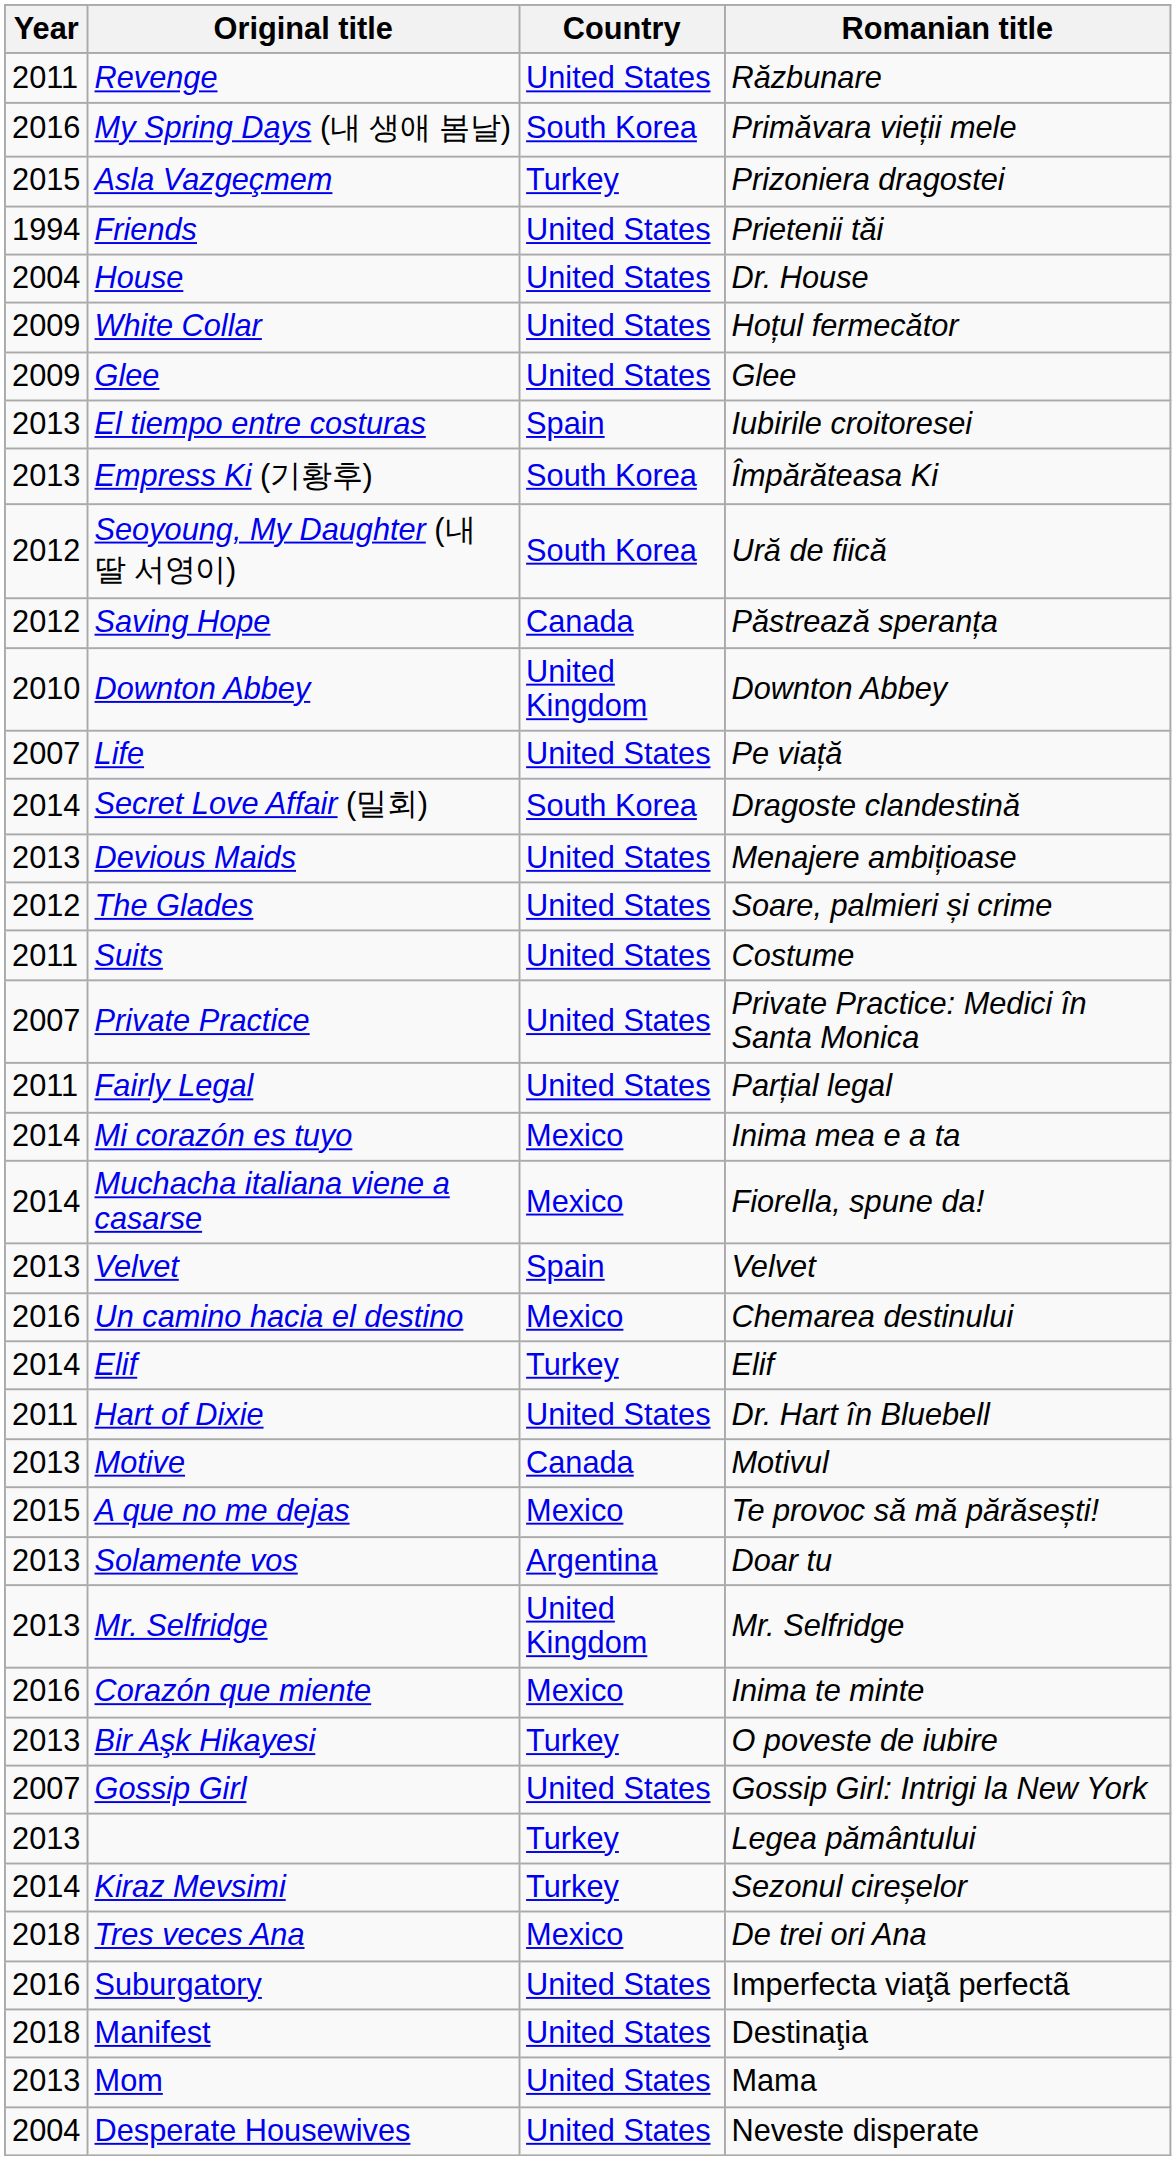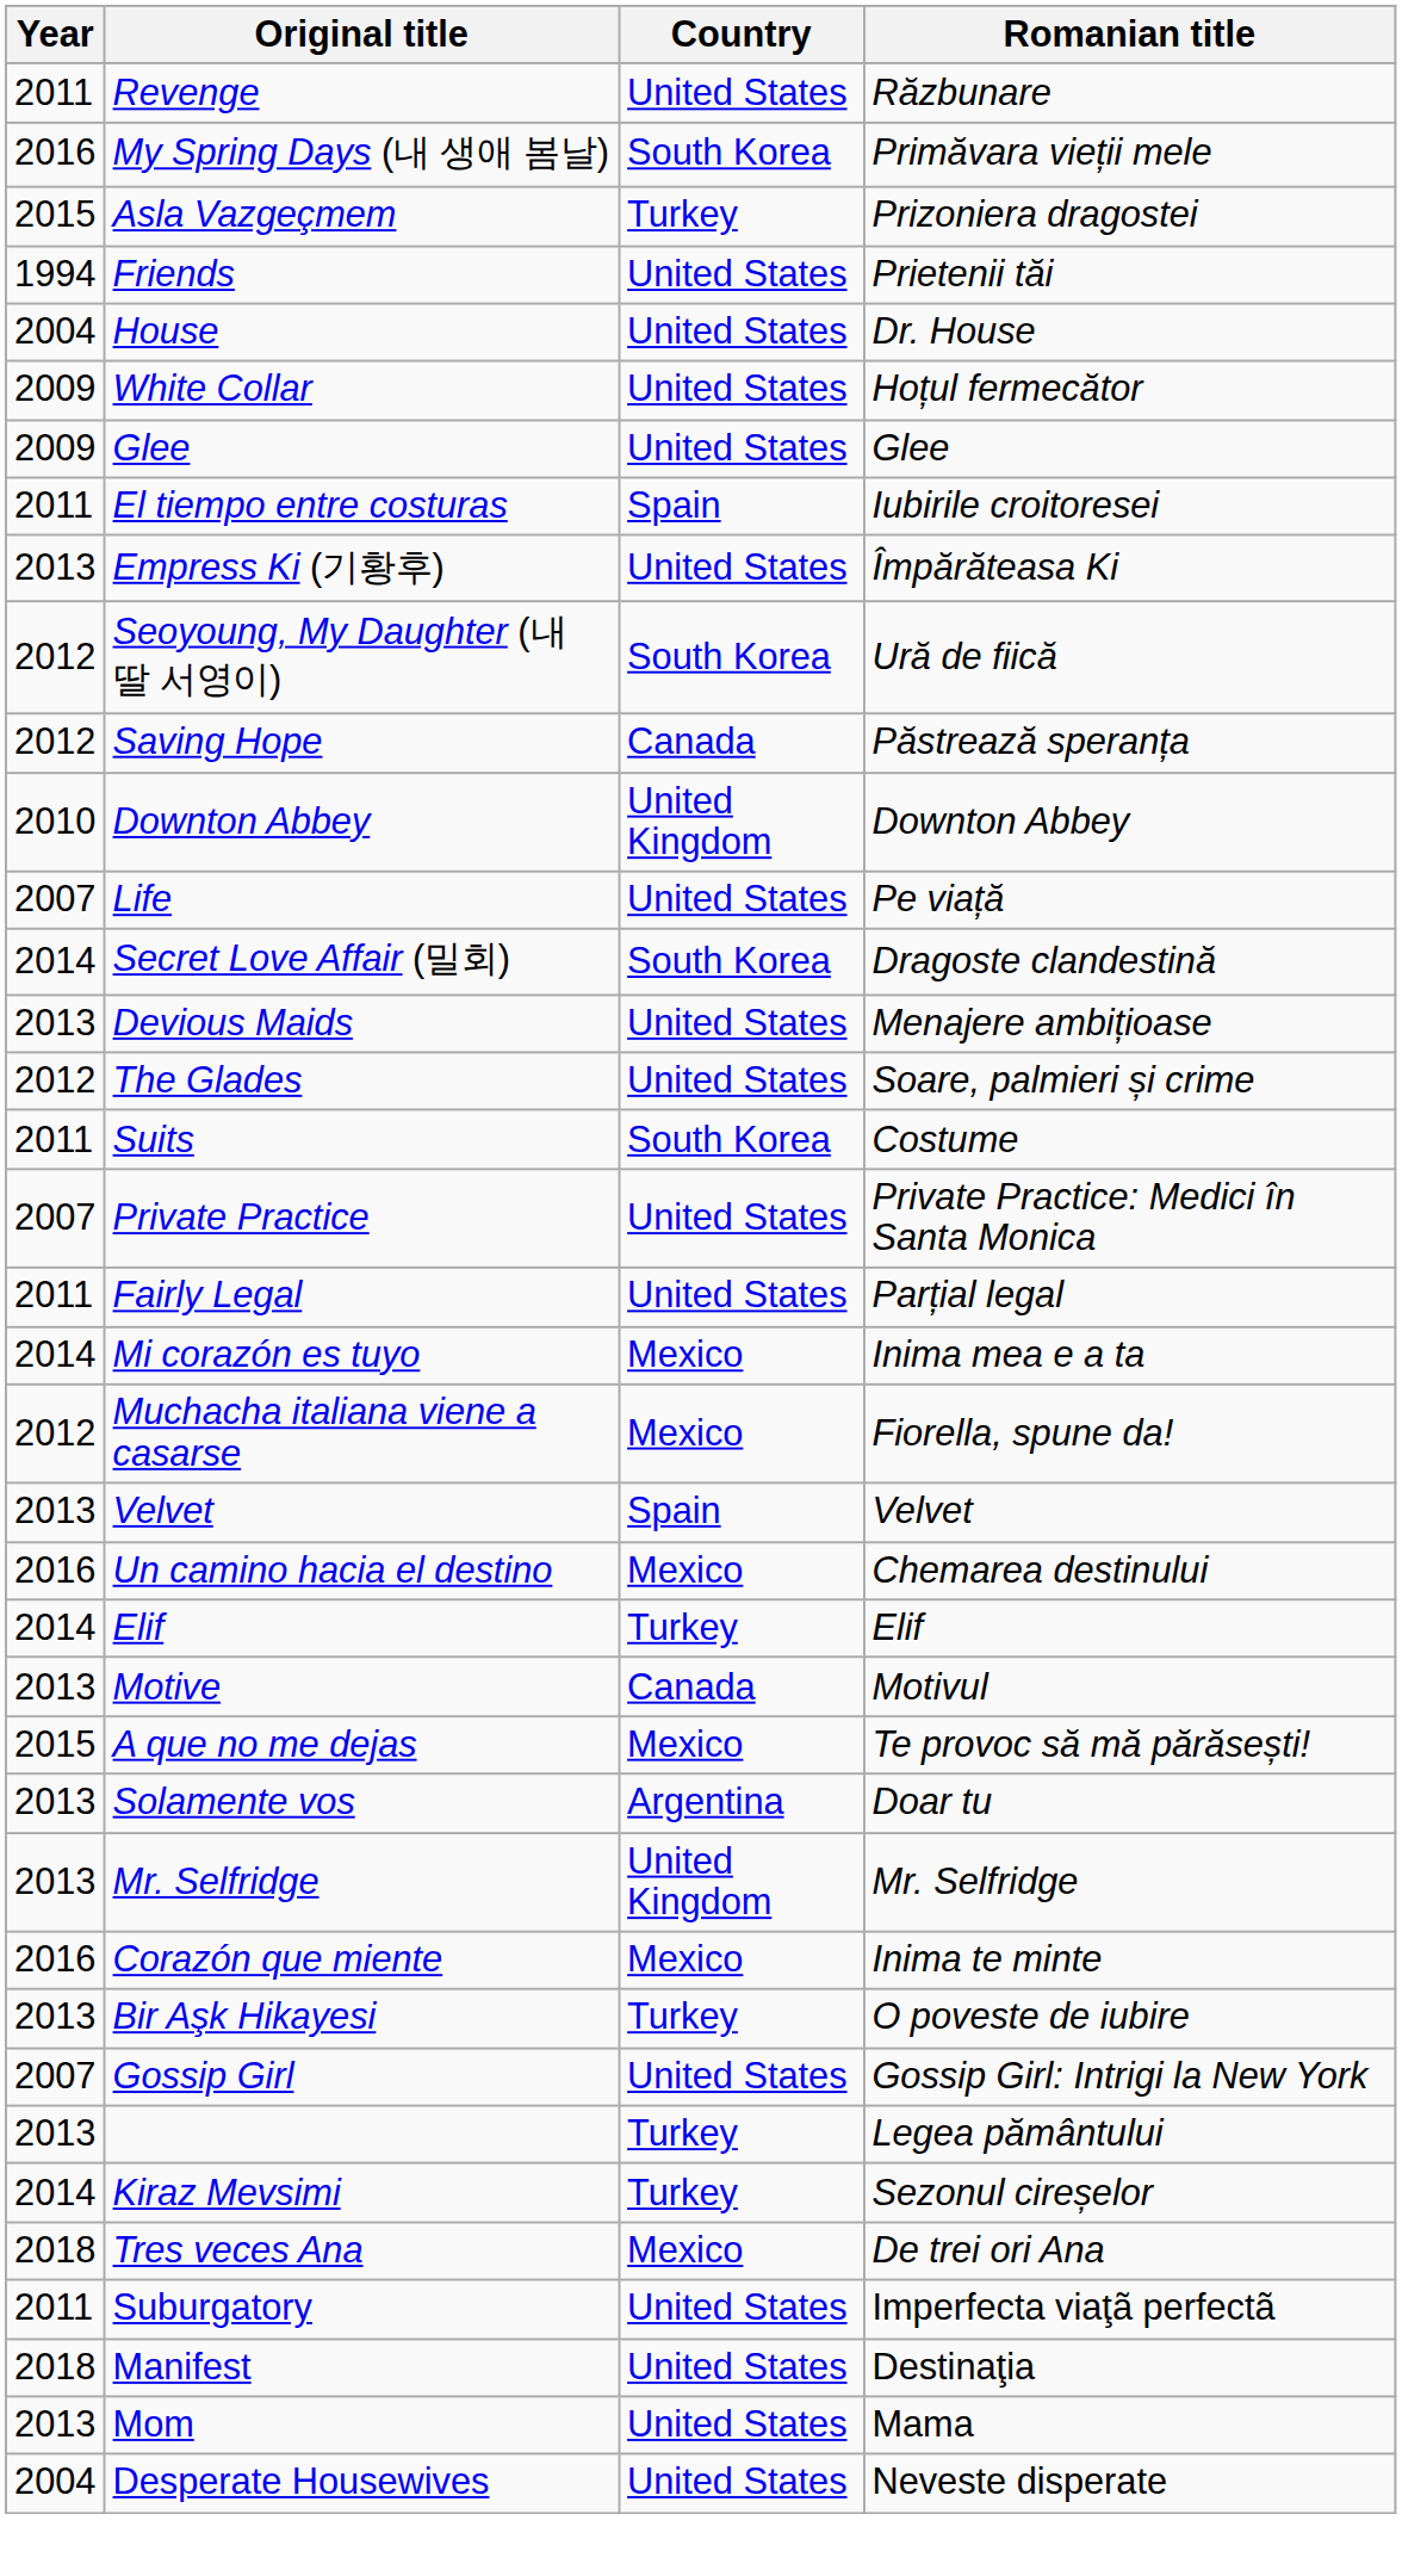 <table class="sortable wikitable">
 <tr>
 <th>Year</th>
 <th>Original title</th>
 <th>Country</th>
 <th>Romanian title</th>
 </tr>
 <tr>
 <td>2011</td>
 <td><em><a href='#'>Revenge</a></em></td>
 <td><a href='#'>United States</a></td>
 <td><em>Răzbunare</em></td>
 </tr>
 <tr>
 <td>2016</td>
 <td><em><a href='#'>My Spring Days</a></em> (내 생애 봄날)</td>
 <td><a href='#'>South Korea</a></td>
 <td><em>Primăvara vieții mele</em></td>
 </tr>
 <tr>
 <td>2015</td>
 <td><em><a href='#'>Asla Vazgeçmem</a></em></td>
 <td><a href='#'>Turkey</a></td>
 <td><em>Prizoniera dragostei</em></td>
 </tr>
 <tr>
 <td>1994</td>
 <td><em><a href='#'>Friends</a></em></td>
 <td><a href='#'>United States</a></td>
 <td><em>Prietenii tăi</em></td>
 </tr>
 <tr>
 <td>2004</td>
 <td><em><a href='#'>House</a></em></td>
 <td><a href='#'>United States</a></td>
 <td><em>Dr. House</em></td>
 </tr>
 <tr>
 <td>2009</td>
 <td><em><a href='#'>White Collar</a></em></td>
 <td><a href='#'>United States</a></td>
 <td><em>Hoțul fermecător</em></td>
 </tr>
 <tr>
 <td>2009</td>
 <td><em><a href='#'>Glee</a></em></td>
 <td><a href='#'>United States</a></td>
 <td><em>Glee</em></td>
 </tr>
 <tr>
-<td>2013</td>
+<td>2011</td>
 <td><em><a href='#'>El tiempo entre costuras</a></em></td>
 <td><a href='#'>Spain</a></td>
 <td><em>Iubirile croitoresei</em></td>
 </tr>
 <tr>
 <td>2013</td>
 <td><em><a href='#'>Empress Ki</a></em> (기황후)</td>
-<td><a href='#'>South Korea</a></td>
+<td><a href='#'>United States</a></td>
 <td><em>Împărăteasa Ki</em></td>
 </tr>
 <tr>
 <td>2012</td>
 <td><em><a href='#'>Seoyoung, My Daughter</a></em> (내 딸 서영이)</td>
 <td><a href='#'>South Korea</a></td>
 <td><em>Ură de fiică</em></td>
 </tr>
 <tr>
 <td>2012</td>
 <td><em><a href='#'>Saving Hope</a></em></td>
 <td><a href='#'>Canada</a></td>
 <td><em>Păstrează speranța</em></td>
 </tr>
 <tr>
 <td>2010</td>
 <td><em><a href='#'>Downton Abbey</a></em></td>
 <td><a href='#'>United Kingdom</a></td>
 <td><em>Downton Abbey</em></td>
 </tr>
 <tr>
 <td>2007</td>
 <td><em><a href='#'>Life</a></em></td>
 <td><a href='#'>United States</a></td>
 <td><em>Pe viață</em></td>
 </tr>
 <tr>
 <td>2014</td>
 <td><em><a href='#'>Secret Love Affair</a></em> (밀회)</td>
 <td><a href='#'>South Korea</a></td>
 <td><em>Dragoste clandestină</em></td>
 </tr>
 <tr>
 <td>2013</td>
 <td><em><a href='#'>Devious Maids</a></em></td>
 <td><a href='#'>United States</a></td>
 <td><em>Menajere ambițioase</em></td>
 </tr>
 <tr>
 <td>2012</td>
 <td><em><a href='#'>The Glades</a></em></td>
 <td><a href='#'>United States</a></td>
 <td><em>Soare, palmieri și crime</em></td>
 </tr>
 <tr>
 <td>2011</td>
 <td><em><a href='#'>Suits</a></em></td>
-<td><a href='#'>United States</a></td>
+<td><a href='#'>South Korea</a></td>
 <td><em>Costume</em></td>
 </tr>
 <tr>
 <td>2007</td>
 <td><em><a href='#'>Private Practice</a></em></td>
 <td><a href='#'>United States</a></td>
 <td><em>Private Practice: Medici în Santa Monica</em></td>
 </tr>
 <tr>
 <td>2011</td>
 <td><em><a href='#'>Fairly Legal</a></em></td>
 <td><a href='#'>United States</a></td>
 <td><em>Parțial legal</em></td>
 </tr>
 <tr>
 <td>2014</td>
 <td><em><a href='#'>Mi corazón es tuyo</a></em></td>
 <td><a href='#'>Mexico</a></td>
 <td><em>Inima mea e a ta</em></td>
 </tr>
 <tr>
-<td>2014</td>
+<td>2012</td>
 <td><em><a href='#'>Muchacha italiana viene a casarse</a></em></td>
 <td><a href='#'>Mexico</a></td>
 <td><em>Fiorella, spune da!</em></td>
 </tr>
 <tr>
 <td>2013</td>
 <td><em><a href='#'>Velvet</a></em></td>
 <td><a href='#'>Spain</a></td>
 <td><em>Velvet</em></td>
 </tr>
 <tr>
 <td>2016</td>
 <td><em><a href='#'>Un camino hacia el destino</a></em></td>
 <td><a href='#'>Mexico</a></td>
 <td><em>Chemarea destinului</em></td>
 </tr>
 <tr>
 <td>2014</td>
 <td><em><a href='#'>Elif</a></em></td>
 <td><a href='#'>Turkey</a></td>
 <td><em>Elif</em></td>
-</tr>
-<tr>
-<td>2011</td>
-<td><em><a href='#'>Hart of Dixie</a></em></td>
-<td><a href='#'>United States</a></td>
-<td><em>Dr. Hart în Bluebell</em></td>
 </tr>
 <tr>
 <td>2013</td>
 <td><em><a href='#'>Motive</a></em></td>
 <td><a href='#'>Canada</a></td>
 <td><em>Motivul</em></td>
 </tr>
 <tr>
 <td>2015</td>
 <td><em><a href='#'>A que no me dejas</a></em></td>
 <td><a href='#'>Mexico</a></td>
 <td><em>Te provoc să mă părăsești!</em></td>
 </tr>
 <tr>
 <td>2013</td>
 <td><em><a href='#'>Solamente vos</a></em></td>
 <td><a href='#'>Argentina</a></td>
 <td><em>Doar tu</em></td>
 </tr>
 <tr>
 <td>2013</td>
 <td><em><a href='#'>Mr. Selfridge</a></em></td>
 <td><a href='#'>United Kingdom</a></td>
 <td><em>Mr. Selfridge</em></td>
 </tr>
 <tr>
 <td>2016</td>
 <td><em><a href='#'>Corazón que miente</a></em></td>
 <td><a href='#'>Mexico</a></td>
 <td><em>Inima te minte</em></td>
 </tr>
 <tr>
 <td>2013</td>
 <td><em><a href='#'>Bir Aşk Hikayesi</a></em></td>
 <td><a href='#'>Turkey</a></td>
 <td><em>O poveste de iubire</em></td>
 </tr>
 <tr>
 <td>2007</td>
 <td><em><a href='#'>Gossip Girl</a></em></td>
 <td><a href='#'>United States</a></td>
 <td><em>Gossip Girl: Intrigi la New York</em></td>
 </tr>
 <tr>
 <td>2013</td>
 <td><em></em></td>
 <td><a href='#'>Turkey</a></td>
 <td><em>Legea pământului</em></td>
 </tr>
 <tr>
 <td>2014</td>
 <td><em><a href='#'>Kiraz Mevsimi</a></em></td>
 <td><a href='#'>Turkey</a></td>
 <td><em>Sezonul cireșelor</em></td>
 </tr>
 <tr>
 <td>2018</td>
 <td><em><a href='#'>Tres veces Ana</a></em></td>
 <td><a href='#'>Mexico</a></td>
 <td><em>De trei ori Ana</em></td>
 </tr>
 <tr>
-<td>2016</td>
+<td>2011</td>
 <td><a href='#'>Suburgatory</a></td>
 <td><a href='#'>United States</a></td>
 <td>Imperfecta viaţã perfectã</td>
 </tr>
 <tr>
 <td>2018</td>
 <td><a href='#'>Manifest</a></td>
 <td><a href='#'>United States</a></td>
 <td>Destinaţia</td>
 </tr>
 <tr>
 <td>2013</td>
 <td><a href='#'>Mom</a></td>
 <td><a href='#'>United States</a></td>
 <td>Mama</td>
 </tr>
 <tr>
 <td>2004</td>
 <td><a href='#'>Desperate Housewives</a></td>
 <td><a href='#'>United States</a></td>
 <td>Neveste disperate</td>
 </tr>
 </table>
